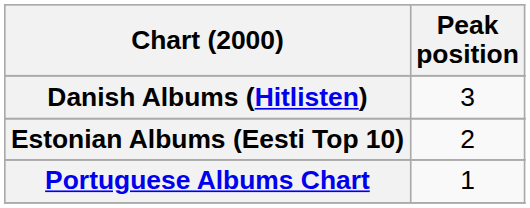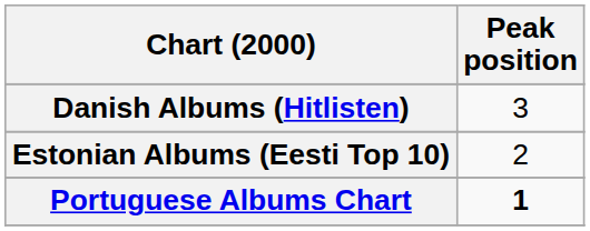 <table class="wikitable plainrowheaders sortable" style="text-align:center;">
 <tr>
 <th scope="col">Chart (2000)</th>
 <th scope="col">Peak<br>position</th>
 </tr>
 <tr>
 </tr>
 <tr>
 </tr>
 <tr>
 </tr>
 <tr>
 <th scope="row">Danish Albums (<a href='#'>Hitlisten</a>)</th>
 <td style="text-align:center;">3</td>
 </tr>
 <tr>
 </tr>
 <tr>
 <th scope="row">Estonian Albums (Eesti Top 10)</th>
 <td>2</td>
 </tr>
 <tr>
 </tr>
 <tr>
 </tr>
 <tr>
 </tr>
 <tr>
 </tr>
 <tr>
 </tr>
 <tr>
 <th scope="row"><a href='#'>Portuguese Albums Chart</a></th>
-<td style="text-align:center;">1</td>
+<td style="text-align:center;"><strong>1</strong></td>
 </tr>
 <tr>
 </tr>
 <tr>
 </tr>
 <tr>
 </tr>
 <tr>
 </tr>
 </table>
